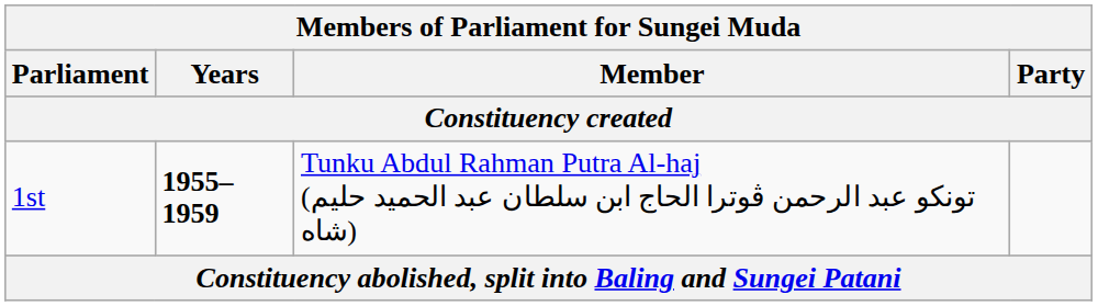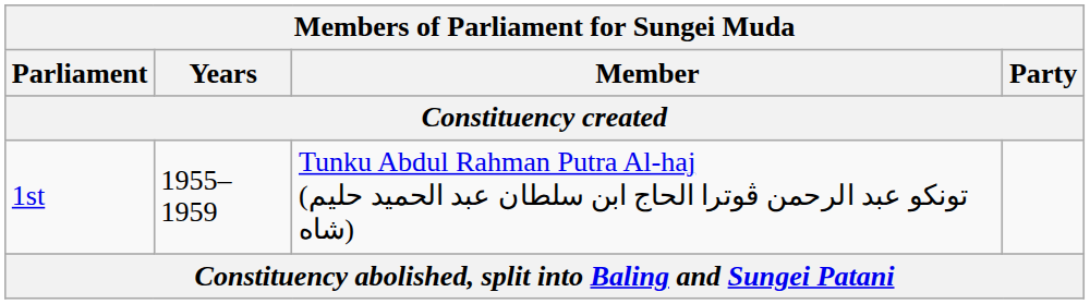 <table class="wikitable">
 <tr>
 <th colspan="4">Members of Parliament for Sungei Muda</th>
 </tr>
 <tr>
 <th>Parliament</th>
 <th>Years</th>
 <th>Member</th>
 <th>Party</th>
 </tr>
 <tr>
 <th colspan="4"><em>Constituency created</em></th>
 </tr>
 <tr>
 <td><a href='#'>1st</a></td>
-<td><strong>1955–1959</strong></td>
+<td>1955–1959</td>
 <td><a href='#'>Tunku Abdul Rahman Putra Al-haj</a>  <br> (‏تونكو عبد الرحمن ڤوترا الحاج ابن سلطان عبد الحميد حليم شاه)</td>
 <td></td>
 </tr>
 <tr>
 <th colspan="4"><em>Constituency abolished, split into <a href='#'>Baling</a> and <a href='#'>Sungei Patani</a></em></th>
 </tr>
 </table>
